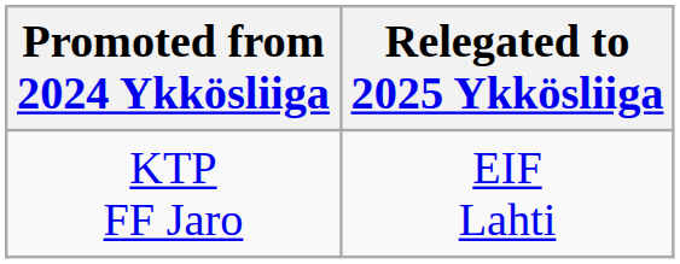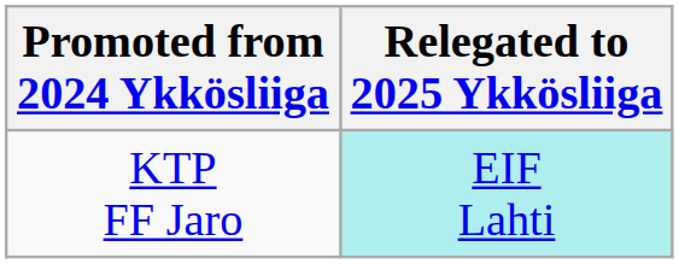 <table class="wikitable">
 <tr>
 <th>Promoted from<br><a href='#'>2024 Ykkösliiga</a></th>
 <th>Relegated to<br><a href='#'>2025 Ykkösliiga</a></th>
 </tr>
 <tr>
 <td align=center><a href='#'>KTP</a><br><a href='#'>FF Jaro</a></td>
-<td align=center><a href='#'>EIF</a><br><a href='#'>Lahti</a></td>
+<td align=center style="background: paleturquoise;"><a href='#'>EIF</a><br><a href='#'>Lahti</a></td>
 </tr>
 </table>
